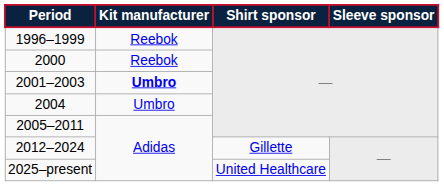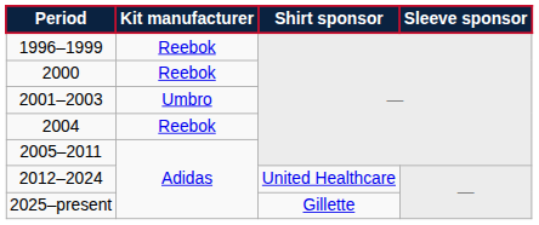 <table class="wikitable" style="text-align: center">
 <tr>
 <th style="background:#0A2240; color:#fff; border:2px solid #CE0E2D;" scope="col">Period</th>
 <th style="background:#0A2240; color:#fff; border:2px solid #CE0E2D;" scope="col">Kit manufacturer</th>
 <th style="background:#0A2240; color:#fff; border:2px solid #CE0E2D;" scope="col">Shirt sponsor</th>
 <th style="background:#0A2240; color:#fff; border:2px solid #CE0E2D;" scope="col">Sleeve sponsor</th>
 </tr>
 <tr>
 <td>1996–1999</td>
 <td><a href='#'>Reebok</a></td>
 <td rowspan="5" colspan="5" style="background:#ececec; color:gray">—</td>
 </tr>
 <tr>
 <td>2000</td>
 <td><a href='#'>Reebok</a></td>
 </tr>
 <tr>
 <td>2001–2003</td>
-<td><strong><a href='#'>Umbro</a></strong></td>
+<td><a href='#'>Umbro</a></td>
 </tr>
 <tr>
 <td>2004</td>
-<td><a href='#'>Umbro</a></td>
+<td><a href='#'>Reebok</a></td>
 </tr>
 <tr>
 <td>2005–2011</td>
 <td rowspan="3"><a href='#'>Adidas</a></td>
 </tr>
 <tr>
 <td>2012–2024</td>
-<td><a href='#'>Gillette</a></td>
+<td><a href='#'>United Healthcare</a></td>
 <td rowspan="2" style="background:#ececec; color:gray">—</td>
 </tr>
 <tr>
 <td>2025–present</td>
-<td><a href='#'>United Healthcare</a></td>
+<td><a href='#'>Gillette</a></td>
 </tr>
 </table>
